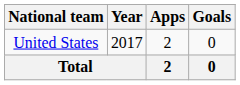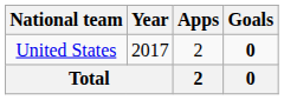 <table class="wikitable" style="text-align:center">
 <tr>
 <th>National team</th>
 <th>Year</th>
 <th>Apps</th>
 <th>Goals</th>
 </tr>
 <tr>
 <td><a href='#'>United States</a></td>
 <td>2017</td>
 <td>2</td>
-<td>0</td>
+<td><strong>0</strong></td>
 </tr>
 <tr>
 <th colspan="2">Total</th>
 <th>2</th>
 <th>0</th>
 </tr>
 </table>
